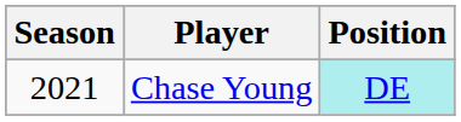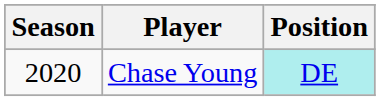 <table class="wikitable" style="text-align:center">
 <tr>
 <th>Season</th>
 <th>Player</th>
 <th>Position</th>
 </tr>
 <tr>
-<td>2021</td>
+<td>2020</td>
 <td><a href='#'>Chase Young</a></td>
 <td style="background: paleturquoise;"><a href='#'>DE</a></td>
 </tr>
 </table>
